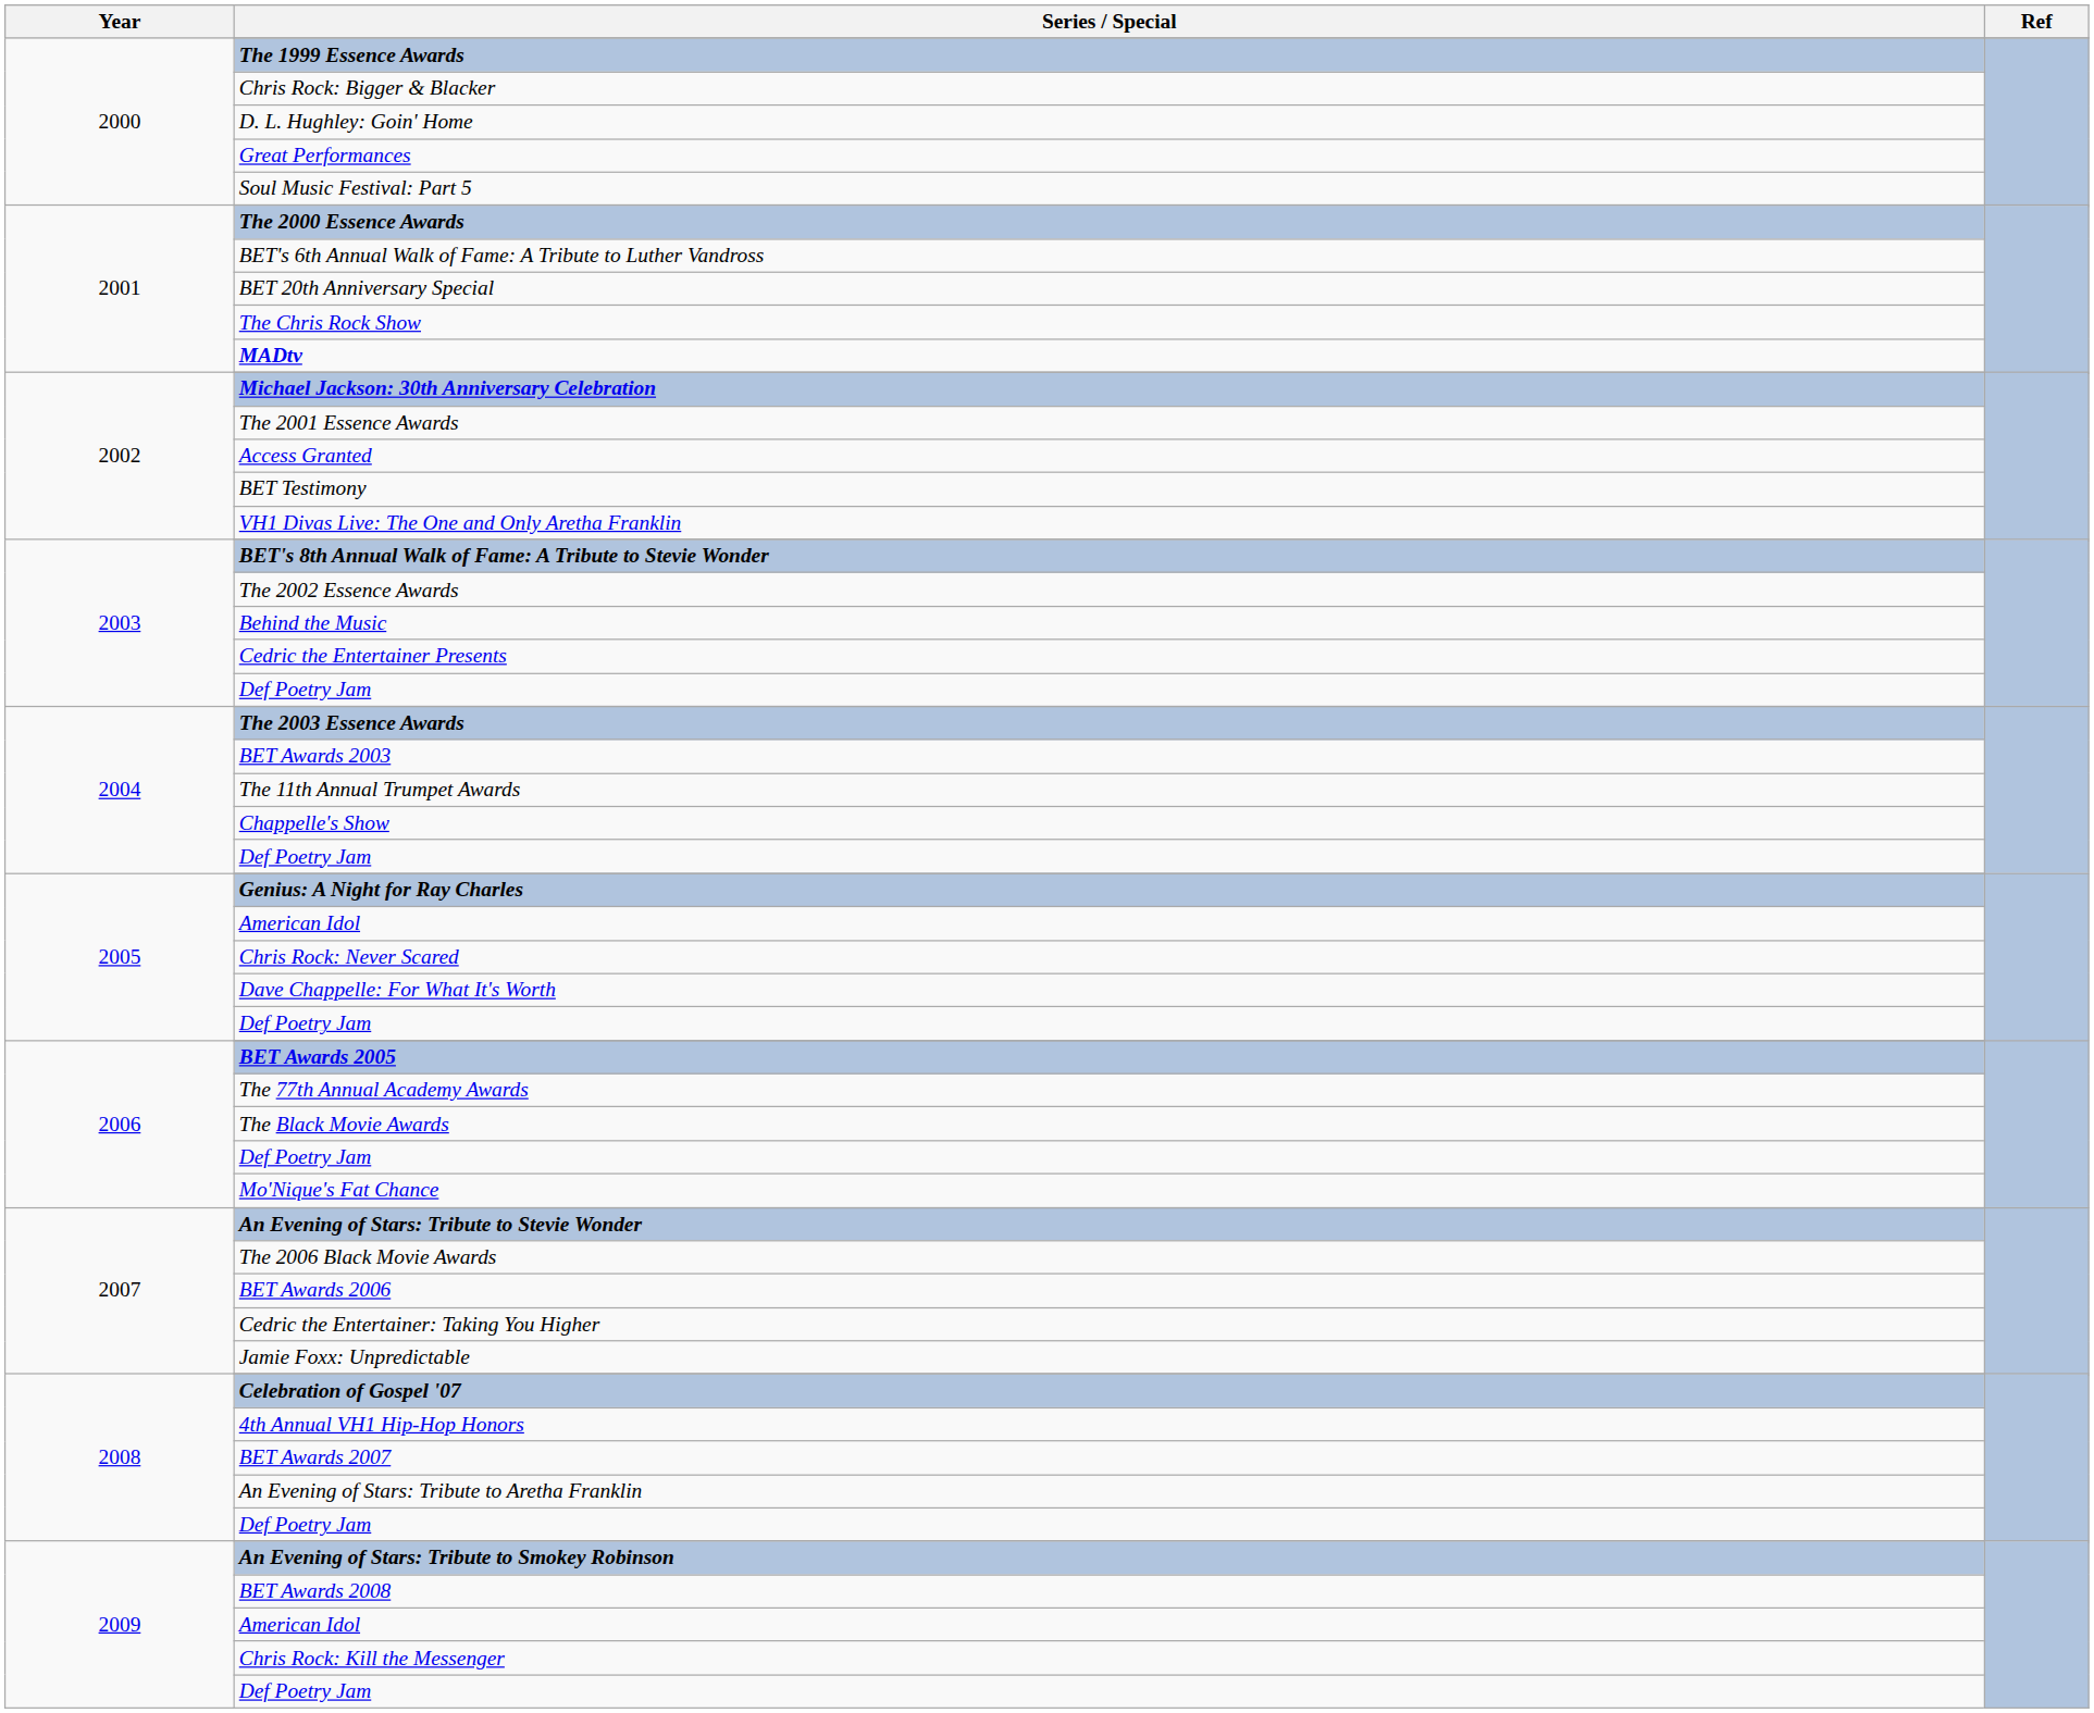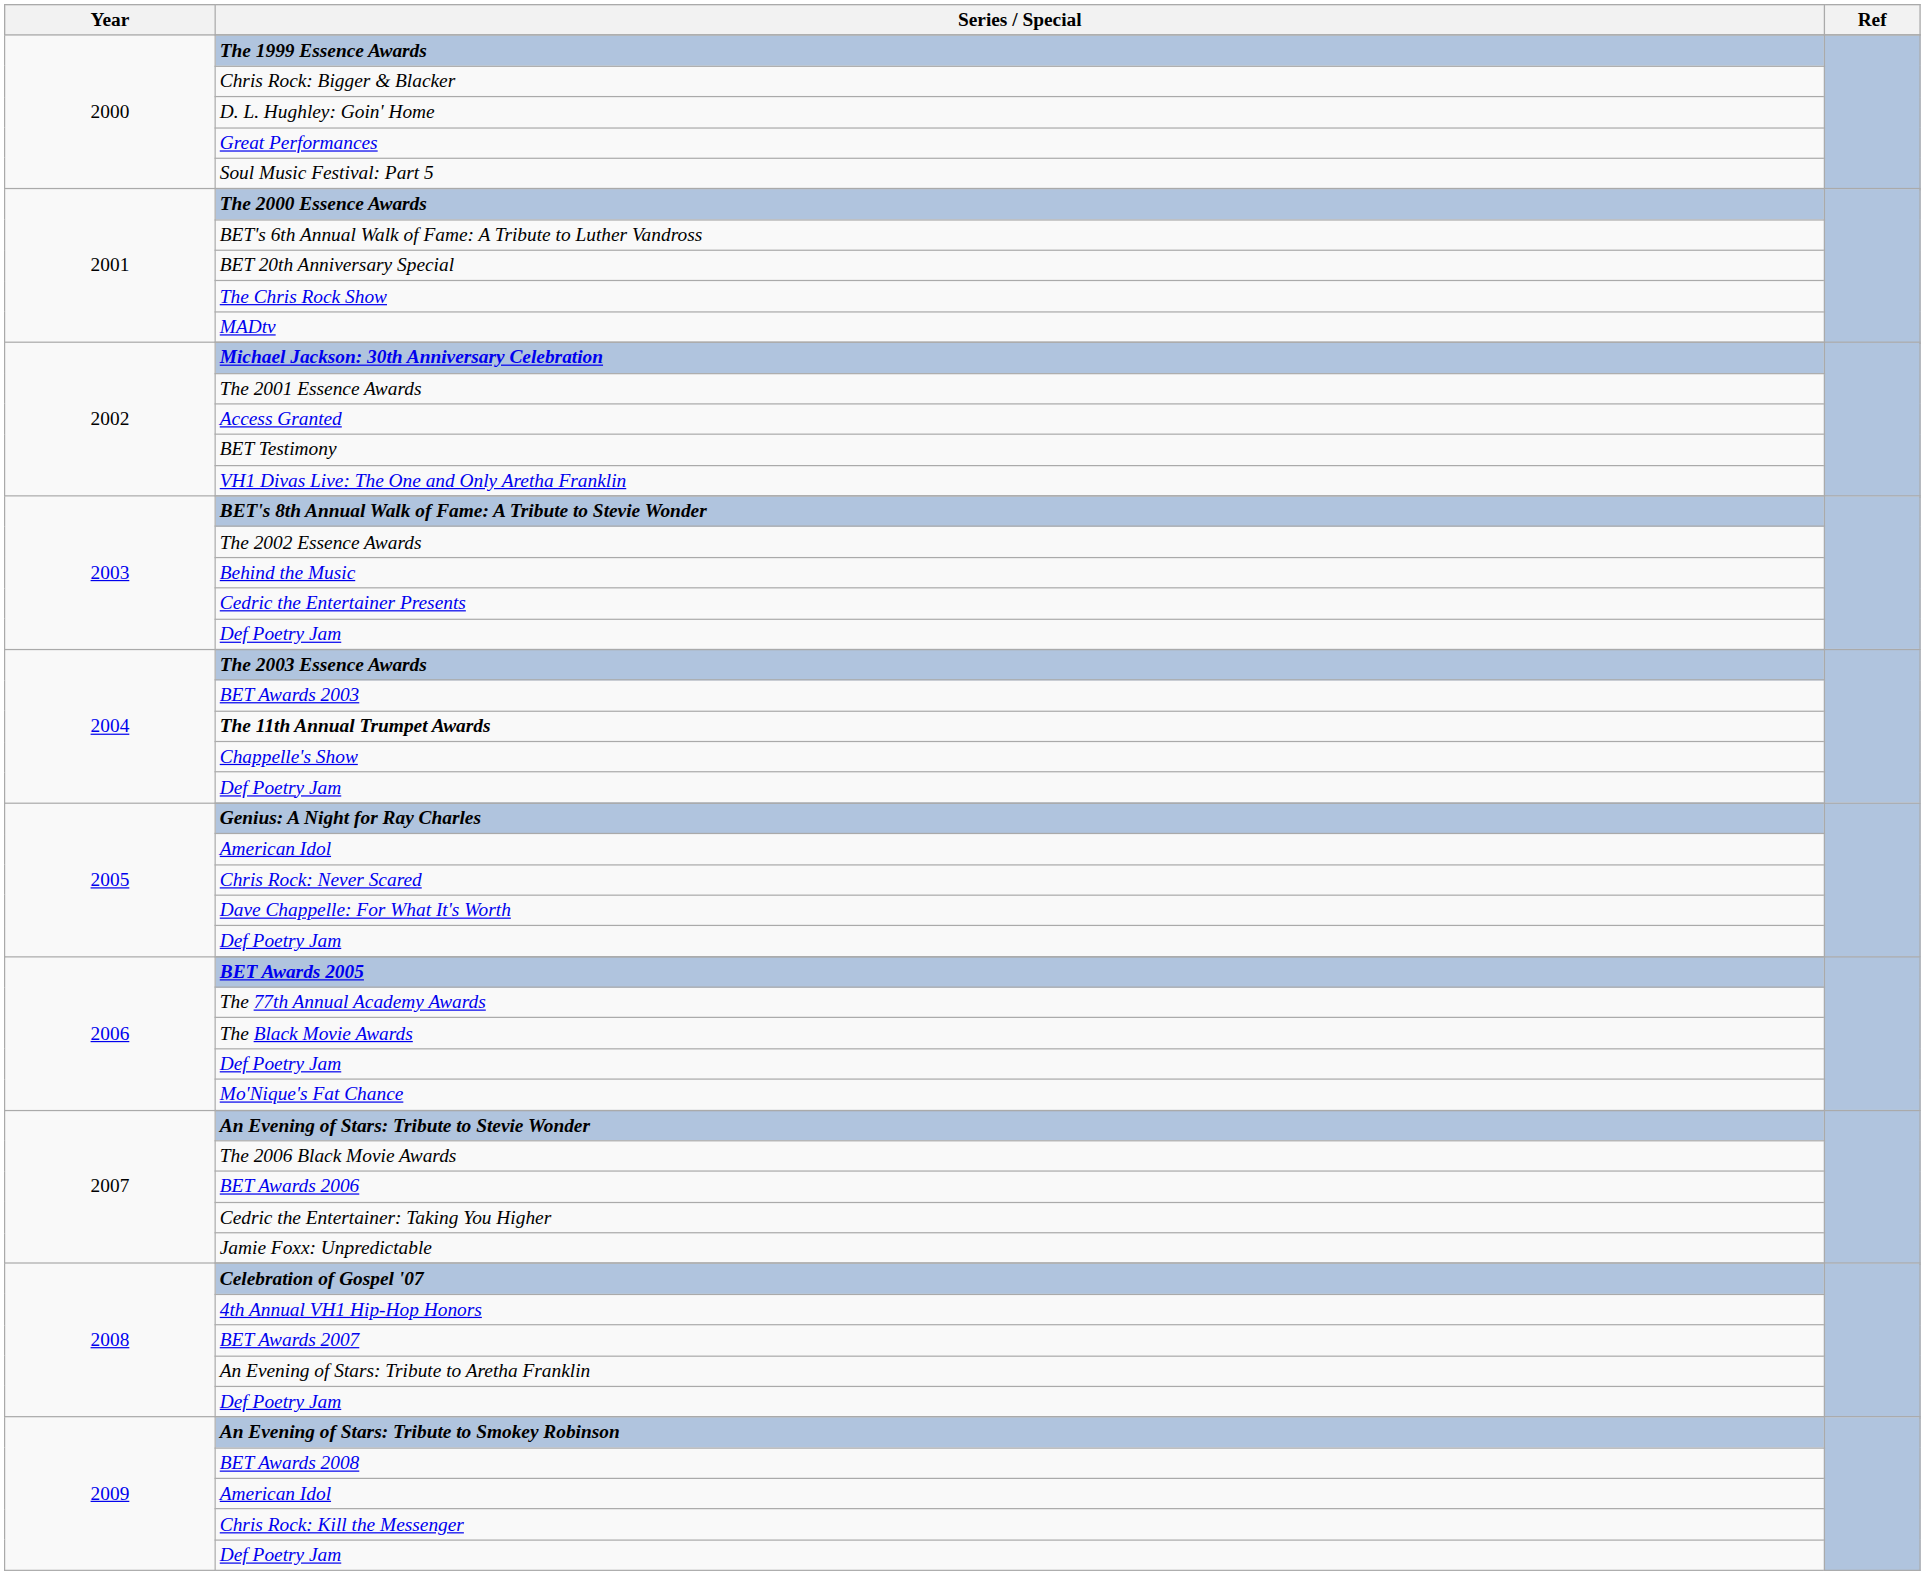 <table class="wikitable" style="width:100%;">
 <tr style="background:#bebebe;">
 <th style="width:11%;">Year</th>
 <th style="width:84%;">Series / Special</th>
 <th style="width:5%;">Ref</th>
 </tr>
 <tr>
 <td rowspan="6" align="center">2000</td>
 </tr>
 <tr style="background:#B0C4DE">
 <td><strong><em>The 1999 Essence Awards</em></strong></td>
 <td rowspan="6" align="center"></td>
 </tr>
 <tr>
 <td><em>Chris Rock: Bigger & Blacker</em></td>
 </tr>
 <tr>
 <td><em>D. L. Hughley: Goin' Home</em></td>
 </tr>
 <tr>
 <td><em><a href='#'>Great Performances</a></em></td>
 </tr>
 <tr>
 <td><em>Soul Music Festival: Part 5</em></td>
 </tr>
 <tr>
 <td rowspan="6" align="center">2001</td>
 </tr>
 <tr style="background:#B0C4DE">
 <td><strong><em>The 2000 Essence Awards</em></strong></td>
 <td rowspan="6" align="center"></td>
 </tr>
 <tr>
 <td><em>BET's 6th Annual Walk of Fame: A Tribute to Luther Vandross</em></td>
 </tr>
 <tr>
 <td><em>BET 20th Anniversary Special</em></td>
 </tr>
 <tr>
 <td><em><a href='#'>The Chris Rock Show</a></em></td>
 </tr>
 <tr>
-<td><strong><em><a href='#'>MADtv</a></em></strong></td>
+<td><em><a href='#'>MADtv</a></em></td>
 </tr>
 <tr>
 <td rowspan="6" align="center">2002</td>
 </tr>
 <tr style="background:#B0C4DE">
 <td><strong><em><a href='#'>Michael Jackson: 30th Anniversary Celebration</a></em></strong></td>
 <td rowspan="6" align="center"></td>
 </tr>
 <tr>
 <td><em>The 2001 Essence Awards</em></td>
 </tr>
 <tr>
 <td><em><a href='#'>Access Granted</a></em></td>
 </tr>
 <tr>
 <td><em>BET Testimony</em></td>
 </tr>
 <tr>
 <td><em><a href='#'>VH1 Divas Live: The One and Only Aretha Franklin</a></em></td>
 </tr>
 <tr>
 <td rowspan="6" align="center"><a href='#'>2003</a></td>
 </tr>
 <tr style="background:#B0C4DE">
 <td><strong><em>BET's 8th Annual Walk of Fame: A Tribute to Stevie Wonder</em></strong></td>
 <td rowspan="6" align="center"></td>
 </tr>
 <tr>
 <td><em>The 2002 Essence Awards</em></td>
 </tr>
 <tr>
 <td><em><a href='#'>Behind the Music</a></em></td>
 </tr>
 <tr>
 <td><em><a href='#'>Cedric the Entertainer Presents</a></em></td>
 </tr>
 <tr>
 <td><em><a href='#'>Def Poetry Jam</a></em></td>
 </tr>
 <tr>
 <td rowspan="6" align="center"><a href='#'>2004</a></td>
 </tr>
 <tr style="background:#B0C4DE">
 <td><strong><em>The 2003 Essence Awards</em></strong></td>
 <td rowspan="6" align="center"></td>
 </tr>
 <tr>
 <td><em><a href='#'>BET Awards 2003</a></em></td>
 </tr>
 <tr>
-<td><em>The 11th Annual Trumpet Awards</em></td>
+<td><strong><em>The 11th Annual Trumpet Awards</em></strong></td>
 </tr>
 <tr>
 <td><em><a href='#'>Chappelle's Show</a></em></td>
 </tr>
 <tr>
 <td><em><a href='#'>Def Poetry Jam</a></em></td>
 </tr>
 <tr>
 <td rowspan="6" align="center"><a href='#'>2005</a></td>
 </tr>
 <tr style="background:#B0C4DE">
 <td><strong><em>Genius: A Night for Ray Charles</em></strong></td>
 <td rowspan="6" align="center"></td>
 </tr>
 <tr>
 <td><em><a href='#'>American Idol</a></em></td>
 </tr>
 <tr>
 <td><em><a href='#'>Chris Rock: Never Scared</a></em></td>
 </tr>
 <tr>
 <td><em><a href='#'>Dave Chappelle: For What It's Worth</a></em></td>
 </tr>
 <tr>
 <td><em><a href='#'>Def Poetry Jam</a></em></td>
 </tr>
 <tr>
 <td rowspan="6" align="center"><a href='#'>2006</a></td>
 </tr>
 <tr style="background:#B0C4DE">
 <td><strong><em><a href='#'>BET Awards 2005</a></em></strong></td>
 <td rowspan="6" align="center"></td>
 </tr>
 <tr>
 <td><em>The <a href='#'>77th Annual Academy Awards</a></em></td>
 </tr>
 <tr>
 <td><em>The <a href='#'>Black Movie Awards</a></em></td>
 </tr>
 <tr>
 <td><em><a href='#'>Def Poetry Jam</a></em></td>
 </tr>
 <tr>
 <td><em><a href='#'>Mo'Nique's Fat Chance</a></em></td>
 </tr>
 <tr>
 <td rowspan="6" align="center">2007</td>
 </tr>
 <tr style="background:#B0C4DE">
 <td><strong><em>An Evening of Stars: Tribute to Stevie Wonder</em></strong></td>
 <td rowspan="6" align="center"></td>
 </tr>
 <tr>
 <td><em>The 2006 Black Movie Awards</em></td>
 </tr>
 <tr>
 <td><em><a href='#'>BET Awards 2006</a></em></td>
 </tr>
 <tr>
 <td><em>Cedric the Entertainer: Taking You Higher</em></td>
 </tr>
 <tr>
 <td><em>Jamie Foxx: Unpredictable</em></td>
 </tr>
 <tr>
 <td rowspan="6" align="center"><a href='#'>2008</a></td>
 </tr>
 <tr style="background:#B0C4DE">
 <td><strong><em>Celebration of Gospel '07</em></strong></td>
 <td rowspan="6" align="center"></td>
 </tr>
 <tr>
 <td><em><a href='#'>4th Annual VH1 Hip-Hop Honors</a></em></td>
 </tr>
 <tr>
 <td><em><a href='#'>BET Awards 2007</a></em></td>
 </tr>
 <tr>
 <td><em>An Evening of Stars: Tribute to Aretha Franklin</em></td>
 </tr>
 <tr>
 <td><em><a href='#'>Def Poetry Jam</a></em></td>
 </tr>
 <tr>
 <td rowspan="6" align="center"><a href='#'>2009</a></td>
 </tr>
 <tr style="background:#B0C4DE">
 <td><strong><em>An Evening of Stars: Tribute to Smokey Robinson</em></strong></td>
 <td rowspan="6" align="center"></td>
 </tr>
 <tr>
 <td><em><a href='#'>BET Awards 2008</a></em></td>
 </tr>
 <tr>
 <td><em><a href='#'>American Idol</a></em></td>
 </tr>
 <tr>
 <td><em><a href='#'>Chris Rock: Kill the Messenger</a></em></td>
 </tr>
 <tr>
 <td><em><a href='#'>Def Poetry Jam</a></em></td>
 </tr>
 </table>
